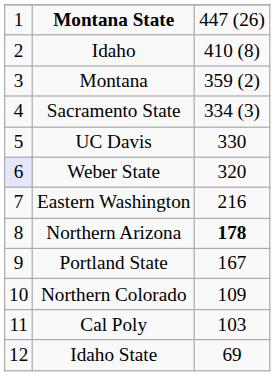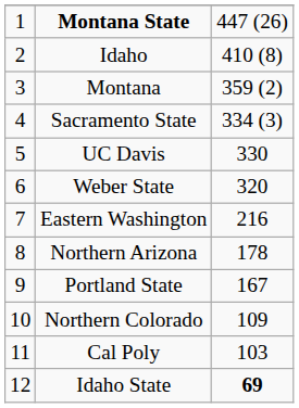 <table class="wikitable" style="display: inline-table;">
 <tr align="center">
 </tr>
 <tr align="center">
 <td>1</td>
 <td><strong>Montana State</strong></td>
 <td>447 (26)</td>
 </tr>
 <tr align="center">
 <td>2</td>
 <td>Idaho</td>
 <td>410 (8)</td>
 </tr>
 <tr align="center">
 <td>3</td>
 <td>Montana</td>
 <td>359 (2)</td>
 </tr>
 <tr align="center">
 <td>4</td>
 <td>Sacramento State</td>
 <td>334 (3)</td>
 </tr>
 <tr align="center">
 <td>5</td>
 <td>UC Davis</td>
 <td>330</td>
 </tr>
 <tr align="center">
-<td style="background: lavender;">6</td>
+<td>6</td>
 <td>Weber State</td>
 <td>320</td>
 </tr>
 <tr align="center">
 <td>7</td>
 <td>Eastern Washington</td>
 <td>216</td>
 </tr>
 <tr align="center">
 <td>8</td>
 <td>Northern Arizona</td>
-<td><strong>178</strong></td>
+<td>178</td>
 </tr>
 <tr align="center">
 <td>9</td>
 <td>Portland State</td>
 <td>167</td>
 </tr>
 <tr align="center">
 <td>10</td>
 <td>Northern Colorado</td>
 <td>109</td>
 </tr>
 <tr align="center">
 <td>11</td>
 <td>Cal Poly</td>
 <td>103</td>
 </tr>
 <tr align="center">
 <td>12</td>
 <td>Idaho State</td>
-<td>69</td>
+<td><strong>69</strong></td>
 </tr>
 </table>
